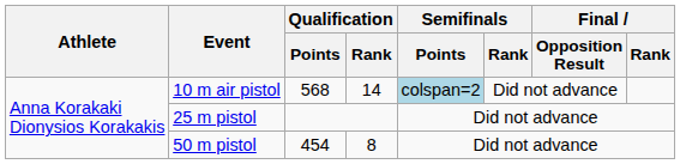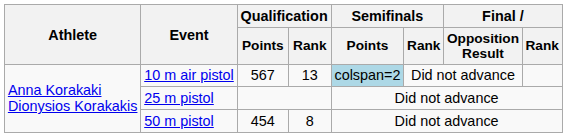 <table class="wikitable" style="text-align:center; font-size:90%">
 <tr>
 <th rowspan=2>Athlete</th>
 <th rowspan=2>Event</th>
 <th colspan=2>Qualification</th>
 <th colspan=2>Semifinals</th>
 <th colspan=2>Final / </th>
 </tr>
 <tr style="font-size:95%">
 <th>Points</th>
 <th>Rank</th>
 <th>Points</th>
 <th>Rank</th>
 <th>Opposition<br>Result</th>
 <th>Rank</th>
 </tr>
 <tr>
 <td rowspan=3 align=left><a href='#'>Anna Korakaki</a><br><a href='#'>Dionysios Korakakis</a></td>
 <td align=left><a href='#'>10 m air pistol</a></td>
-<td>568</td>
-<td>14</td>
+<td>567</td>
+<td>13</td>
 <td style="background: lightblue;">colspan=2 </td>
 <td colspan=2>Did not advance</td>
 </tr>
 <tr>
 <td align=left><a href='#'>25 m pistol</a></td>
 <td colspan=2></td>
 <td colspan=4>Did not advance</td>
 </tr>
 <tr>
 <td align=left><a href='#'>50 m pistol</a></td>
 <td>454</td>
 <td>8</td>
 <td colspan=4>Did not advance</td>
 </tr>
 </table>
